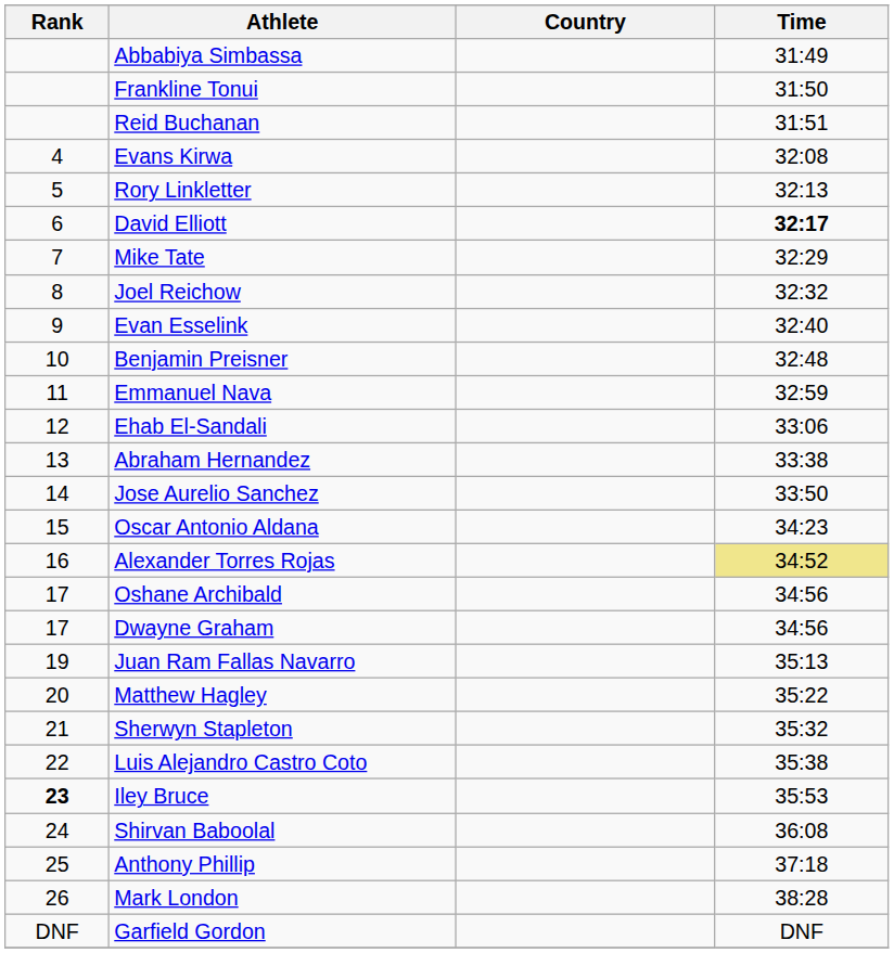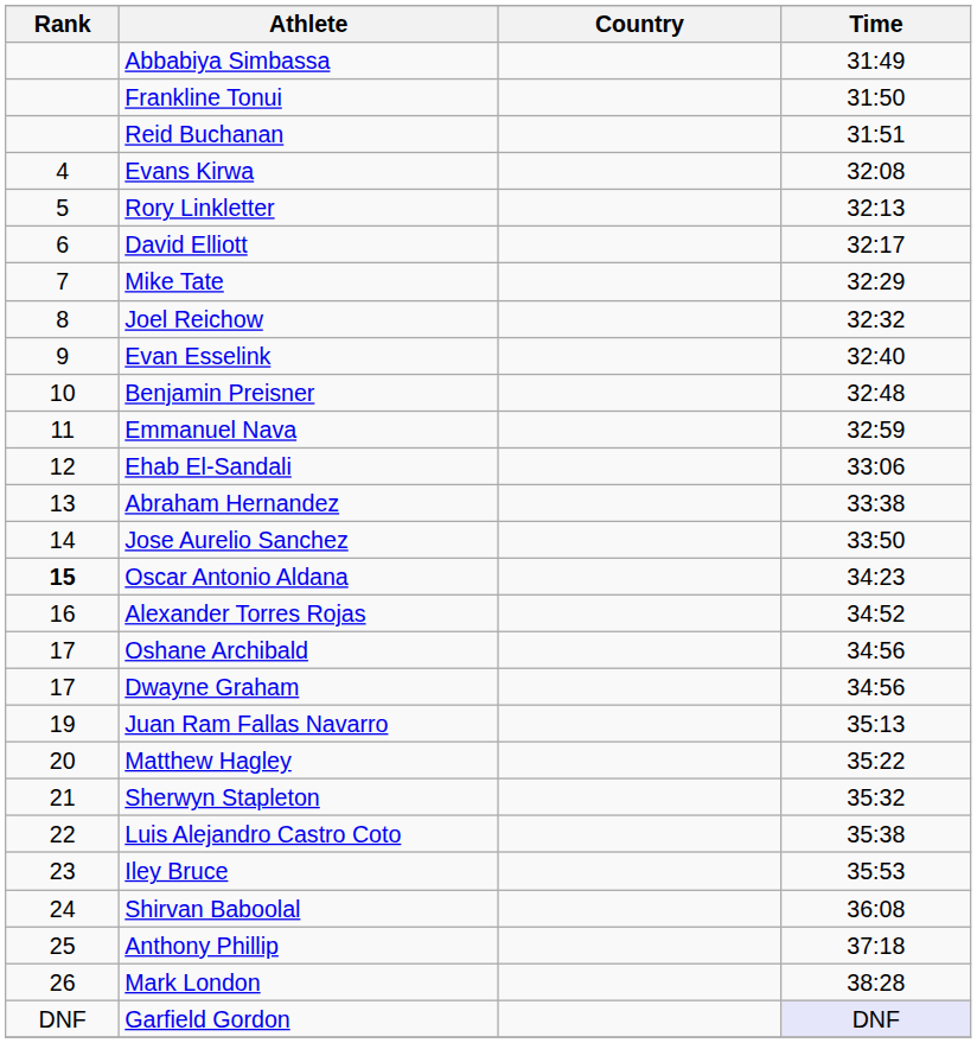 <table class="wikitable sortable" style=" text-align:center; font-size:95%;" width="50%">
 <tr>
 </tr>
 <tr>
 <th width=5%>Rank</th>
 <th width=20%>Athlete</th>
 <th width=15%>Country</th>
 <th width=10%>Time</th>
 </tr>
 <tr>
 <td align=center></td>
 <td align=left><a href='#'>Abbabiya Simbassa</a></td>
 <td align=left></td>
 <td>31:49</td>
 </tr>
 <tr>
 <td align=center></td>
 <td align=left><a href='#'>Frankline Tonui</a></td>
 <td align=left></td>
 <td>31:50</td>
 </tr>
 <tr>
 <td align=center></td>
 <td align=left><a href='#'>Reid Buchanan</a></td>
 <td align=left></td>
 <td>31:51</td>
 </tr>
 <tr>
 <td align=center>4</td>
 <td align=left><a href='#'>Evans Kirwa</a></td>
 <td align=left></td>
 <td>32:08</td>
 </tr>
 <tr>
 <td align=center>5</td>
 <td align=left><a href='#'>Rory Linkletter</a></td>
 <td align=left></td>
 <td>32:13</td>
 </tr>
 <tr>
 <td align=center>6</td>
 <td align=left><a href='#'>David Elliott</a></td>
 <td align=left></td>
-<td><strong>32:17</strong></td>
+<td>32:17</td>
 </tr>
 <tr>
 <td align=center>7</td>
 <td align=left><a href='#'>Mike Tate</a></td>
 <td align=left></td>
 <td>32:29</td>
 </tr>
 <tr>
 <td align=center>8</td>
 <td align=left><a href='#'>Joel Reichow</a></td>
 <td align=left></td>
 <td>32:32</td>
 </tr>
 <tr>
 <td align=center>9</td>
 <td align=left><a href='#'>Evan Esselink</a></td>
 <td align=left></td>
 <td>32:40</td>
 </tr>
 <tr>
 <td align=center>10</td>
 <td align=left><a href='#'>Benjamin Preisner</a></td>
 <td align=left></td>
 <td>32:48</td>
 </tr>
 <tr>
 <td align=center>11</td>
 <td align=left><a href='#'>Emmanuel Nava</a></td>
 <td align=left></td>
 <td>32:59</td>
 </tr>
 <tr>
 <td align=center>12</td>
 <td align=left><a href='#'>Ehab El-Sandali</a></td>
 <td align=left></td>
 <td>33:06</td>
 </tr>
 <tr>
 <td align=center>13</td>
 <td align=left><a href='#'>Abraham Hernandez</a></td>
 <td align=left></td>
 <td>33:38</td>
 </tr>
 <tr>
 <td align=center>14</td>
 <td align=left><a href='#'>Jose Aurelio Sanchez</a></td>
 <td align=left></td>
 <td>33:50</td>
 </tr>
 <tr>
-<td align=center>15</td>
+<td align=center><strong>15</strong></td>
 <td align=left><a href='#'>Oscar Antonio Aldana</a></td>
 <td align=left></td>
 <td>34:23</td>
 </tr>
 <tr>
 <td align=center>16</td>
 <td align=left><a href='#'>Alexander Torres Rojas</a></td>
 <td align=left></td>
-<td style="background: khaki;">34:52</td>
+<td>34:52</td>
 </tr>
 <tr>
 <td align=center>17</td>
 <td align=left><a href='#'>Oshane Archibald</a></td>
 <td align=left></td>
 <td>34:56</td>
 </tr>
 <tr>
 <td align=center>17</td>
 <td align=left><a href='#'>Dwayne Graham</a></td>
 <td align=left></td>
 <td>34:56</td>
 </tr>
 <tr>
 <td align=center>19</td>
 <td align=left><a href='#'>Juan Ram Fallas Navarro</a></td>
 <td align=left></td>
 <td>35:13</td>
 </tr>
 <tr>
 <td align=center>20</td>
 <td align=left><a href='#'>Matthew Hagley</a></td>
 <td align=left></td>
 <td>35:22</td>
 </tr>
 <tr>
 <td align=center>21</td>
 <td align=left><a href='#'>Sherwyn Stapleton</a></td>
 <td align=left></td>
 <td>35:32</td>
 </tr>
 <tr>
 <td align=center>22</td>
 <td align=left><a href='#'>Luis Alejandro Castro Coto</a></td>
 <td align=left></td>
 <td>35:38</td>
 </tr>
 <tr>
-<td align=center><strong>23</strong></td>
+<td align=center>23</td>
 <td align=left><a href='#'>Iley Bruce</a></td>
 <td align=left></td>
 <td>35:53</td>
 </tr>
 <tr>
 <td align=center>24</td>
 <td align=left><a href='#'>Shirvan Baboolal</a></td>
 <td align=left></td>
 <td>36:08</td>
 </tr>
 <tr>
 <td align=center>25</td>
 <td align=left><a href='#'>Anthony Phillip</a></td>
 <td align=left></td>
 <td>37:18</td>
 </tr>
 <tr>
 <td align=center>26</td>
 <td align=left><a href='#'>Mark London</a></td>
 <td align=left></td>
 <td>38:28</td>
 </tr>
 <tr>
 <td align=center>DNF</td>
 <td align=left><a href='#'>Garfield Gordon</a></td>
 <td align=left></td>
-<td>DNF</td>
+<td style="background: lavender;">DNF</td>
 </tr>
 <tr>
 </tr>
 </table>
